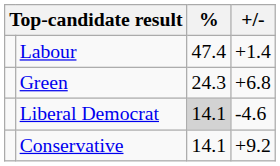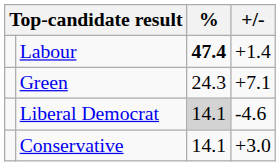 <table class="wikitable">
 <tr>
 <th colspan="2">Top-candidate result</th>
 <th>%</th>
 <th>+/-</th>
 </tr>
 <tr>
 <td style="background-color: "></td>
 <td><a href='#'>Labour</a></td>
-<td>47.4</td>
+<td><strong>47.4</strong></td>
 <td>+1.4</td>
 </tr>
 <tr>
 <td style="background-color: "></td>
 <td><a href='#'>Green</a></td>
 <td>24.3</td>
-<td>+6.8</td>
+<td>+7.1</td>
 </tr>
 <tr>
 <td style="background-color: "></td>
 <td><a href='#'>Liberal Democrat</a></td>
 <td style="background: lightgrey;">14.1</td>
 <td>-4.6</td>
 </tr>
 <tr>
 <td style="background-color: "></td>
 <td><a href='#'>Conservative</a></td>
 <td>14.1</td>
-<td>+9.2</td>
+<td>+3.0</td>
 </tr>
 </table>
